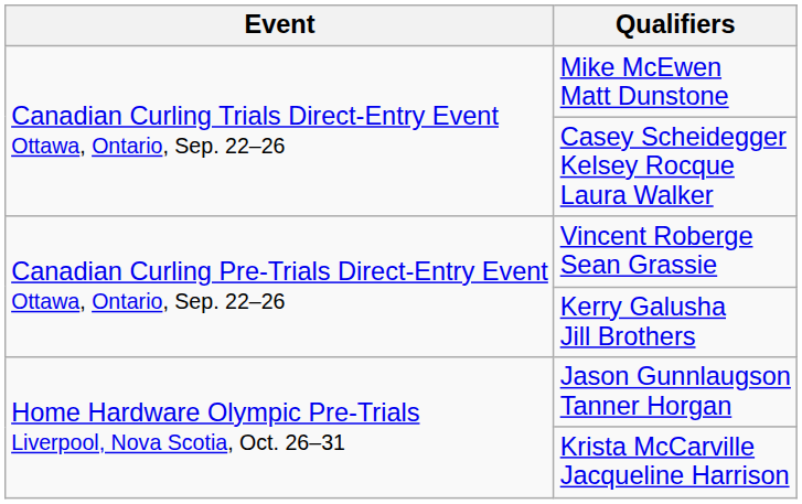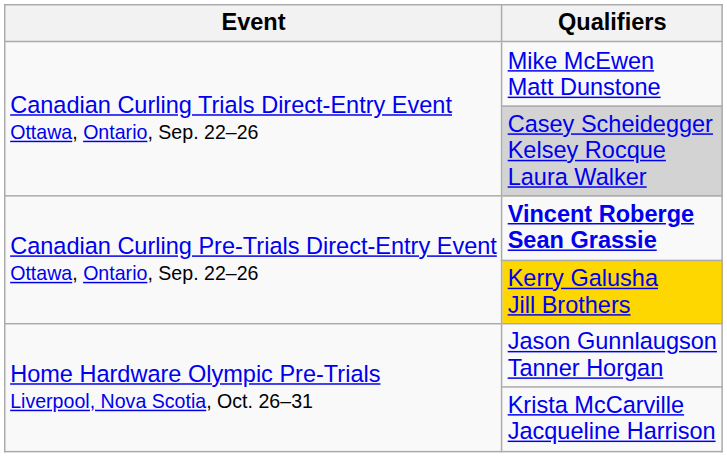 <table class="wikitable">
 <tr>
 <th>Event</th>
 <th>Qualifiers</th>
 </tr>
 <tr>
 <td rowspan=2><a href='#'>Canadian Curling Trials Direct-Entry Event</a> <br> <small><a href='#'>Ottawa</a>, <a href='#'>Ontario</a>, Sep. 22–26</small></td>
 <td> <a href='#'>Mike McEwen</a> <br>  <a href='#'>Matt Dunstone</a></td>
 </tr>
 <tr>
-<td> <a href='#'>Casey Scheidegger</a> <br>  <a href='#'>Kelsey Rocque</a> <br>  <a href='#'>Laura Walker</a></td>
+<td style="background: lightgrey;"> <a href='#'>Casey Scheidegger</a> <br>  <a href='#'>Kelsey Rocque</a> <br>  <a href='#'>Laura Walker</a></td>
 </tr>
 <tr>
 <td rowspan=2><a href='#'>Canadian Curling Pre-Trials Direct-Entry Event</a> <br> <small><a href='#'>Ottawa</a>, <a href='#'>Ontario</a>, Sep. 22–26</small></td>
-<td> <a href='#'>Vincent Roberge</a> <br>  <a href='#'>Sean Grassie</a></td>
+<td><strong> <a href='#'>Vincent Roberge</a> <br>  <a href='#'>Sean Grassie</a></strong></td>
 </tr>
 <tr>
-<td> <a href='#'>Kerry Galusha</a> <br>  <a href='#'>Jill Brothers</a></td>
+<td style="background: gold;"> <a href='#'>Kerry Galusha</a> <br>  <a href='#'>Jill Brothers</a></td>
 </tr>
 <tr>
 <td rowspan=2><a href='#'>Home Hardware Olympic Pre-Trials</a> <br> <small><a href='#'>Liverpool, Nova Scotia</a>, Oct. 26–31</small></td>
 <td> <a href='#'>Jason Gunnlaugson</a> <br>  <a href='#'>Tanner Horgan</a></td>
 </tr>
 <tr>
 <td> <a href='#'>Krista McCarville</a> <br>  <a href='#'>Jacqueline Harrison</a></td>
 </tr>
 </table>
